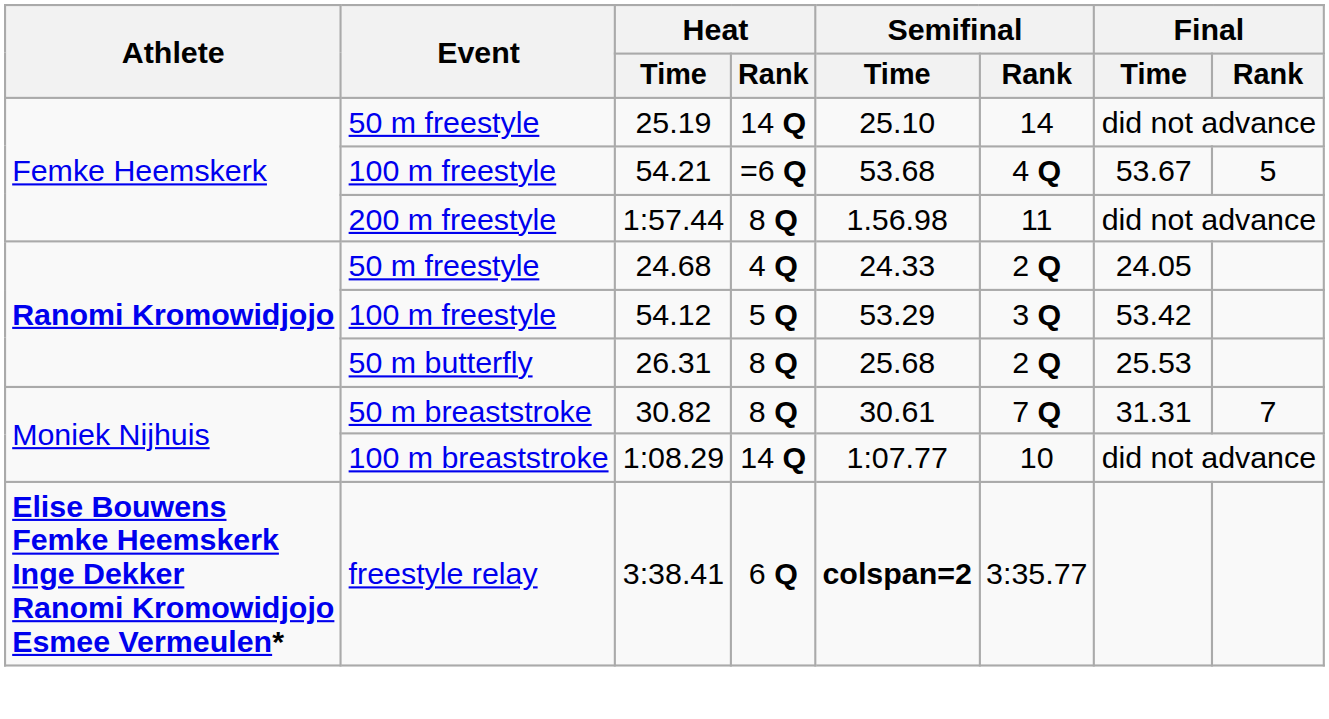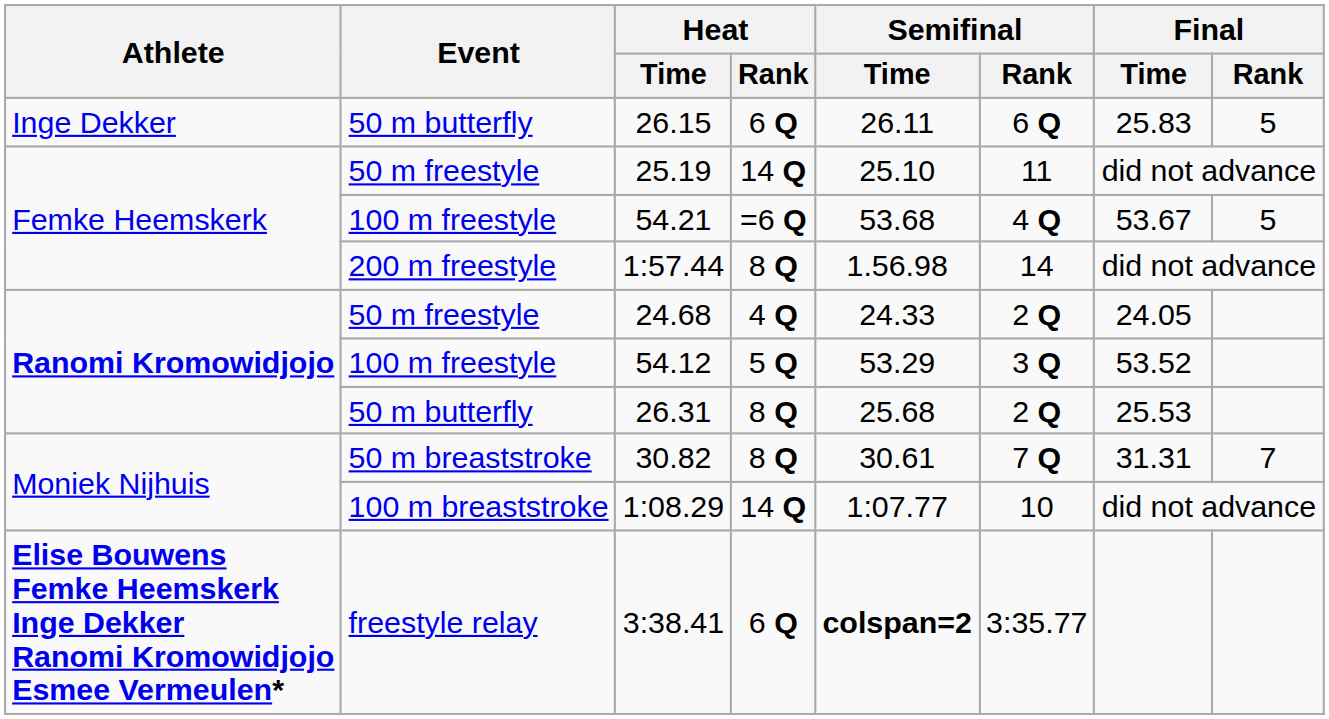 <table class=wikitable style="font-size:90%">
 <tr>
 <th rowspan="2">Athlete</th>
 <th rowspan="2">Event</th>
 <th colspan="2">Heat</th>
 <th colspan="2">Semifinal</th>
 <th colspan="2">Final</th>
 </tr>
 <tr style="font-size:95%">
 <th>Time</th>
 <th>Rank</th>
 <th>Time</th>
 <th>Rank</th>
 <th>Time</th>
 <th>Rank</th>
 </tr>
 <tr align=center>
+<td align=left><a href='#'>Inge Dekker</a></td>
+<td align=left><a href='#'>50 m butterfly</a></td>
+<td>26.15</td>
+<td>6 <strong>Q</strong></td>
+<td>26.11</td>
+<td>6 <strong>Q</strong></td>
+<td>25.83</td>
+<td>5</td>
+</tr>
+<tr align=center>
 <td align=left rowspan=3><a href='#'>Femke Heemskerk</a></td>
 <td align=left><a href='#'>50 m freestyle</a></td>
 <td>25.19</td>
 <td>14 <strong>Q</strong></td>
 <td>25.10</td>
-<td>14</td>
+<td>11</td>
 <td colspan=2>did not advance</td>
 </tr>
 <tr align=center>
 <td align=left><a href='#'>100 m freestyle</a></td>
 <td>54.21</td>
 <td>=6 <strong>Q</strong></td>
 <td>53.68</td>
 <td>4 <strong>Q</strong></td>
 <td>53.67</td>
 <td>5</td>
 </tr>
 <tr align=center>
 <td align=left><a href='#'>200 m freestyle</a></td>
 <td>1:57.44</td>
 <td>8 <strong>Q</strong></td>
 <td>1.56.98</td>
-<td>11</td>
+<td>14</td>
 <td colspan=2>did not advance</td>
 </tr>
 <tr align=center>
 <td align=left rowspan=3><strong><a href='#'>Ranomi Kromowidjojo</a></strong></td>
 <td align=left><a href='#'>50 m freestyle</a></td>
 <td>24.68</td>
 <td>4 <strong>Q</strong></td>
 <td>24.33</td>
 <td>2 <strong>Q</strong></td>
 <td>24.05</td>
 <td></td>
 </tr>
 <tr align=center>
 <td align=left><a href='#'>100 m freestyle</a></td>
 <td>54.12</td>
 <td>5 <strong>Q</strong></td>
 <td>53.29</td>
 <td>3 <strong>Q</strong></td>
-<td>53.42</td>
+<td>53.52</td>
 <td></td>
 </tr>
 <tr align=center>
 <td align=left><a href='#'>50 m butterfly</a></td>
 <td>26.31</td>
 <td>8 <strong>Q</strong></td>
 <td>25.68</td>
 <td>2 <strong>Q</strong></td>
 <td>25.53</td>
 <td></td>
 </tr>
 <tr align=center>
 <td align=left rowspan=2><a href='#'>Moniek Nijhuis</a></td>
 <td align=left><a href='#'>50 m breaststroke</a></td>
 <td>30.82</td>
 <td>8 <strong>Q</strong></td>
 <td>30.61</td>
 <td>7 <strong>Q</strong></td>
 <td>31.31</td>
 <td>7</td>
 </tr>
 <tr align=center>
 <td align=left><a href='#'>100 m breaststroke</a></td>
 <td>1:08.29</td>
 <td>14 <strong>Q</strong></td>
 <td>1:07.77</td>
 <td>10</td>
 <td colspan=2>did not advance</td>
 </tr>
 <tr align=center>
 <td align=left><strong><a href='#'>Elise Bouwens</a><br><a href='#'>Femke Heemskerk</a><br><a href='#'>Inge Dekker</a><br><a href='#'>Ranomi Kromowidjojo</a><br><a href='#'>Esmee Vermeulen</a>*</strong></td>
 <td align=left><a href='#'> freestyle relay</a></td>
 <td>3:38.41</td>
 <td>6 <strong>Q</strong></td>
 <td><strong>colspan=2 </strong></td>
 <td>3:35.77</td>
 <td></td>
 </tr>
 </table>
